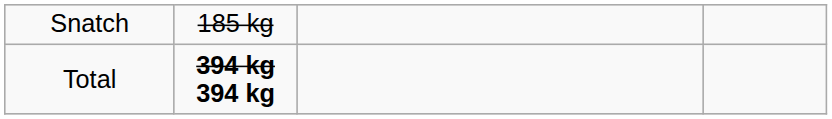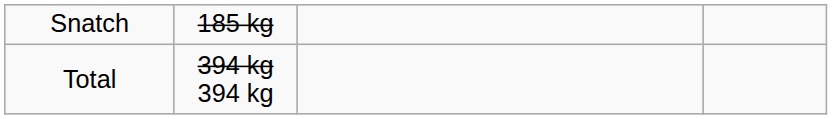 <table class = "wikitable" style="text-align:center;">
 <tr>
 <td width=100>Snatch</td>
 <td width=70><s>185 kg</s></td>
 <td width=250 align=left><s></s></td>
 <td width=70><s></s></td>
 </tr>
 <tr>
 <td>Total</td>
-<td><strong><s>394 kg</s><br>394 kg</strong></td>
+<td><s>394 kg</s><br>394 kg</td>
 <td align=left><s></s><br></td>
 <td><s></s><br></td>
 </tr>
 </table>
